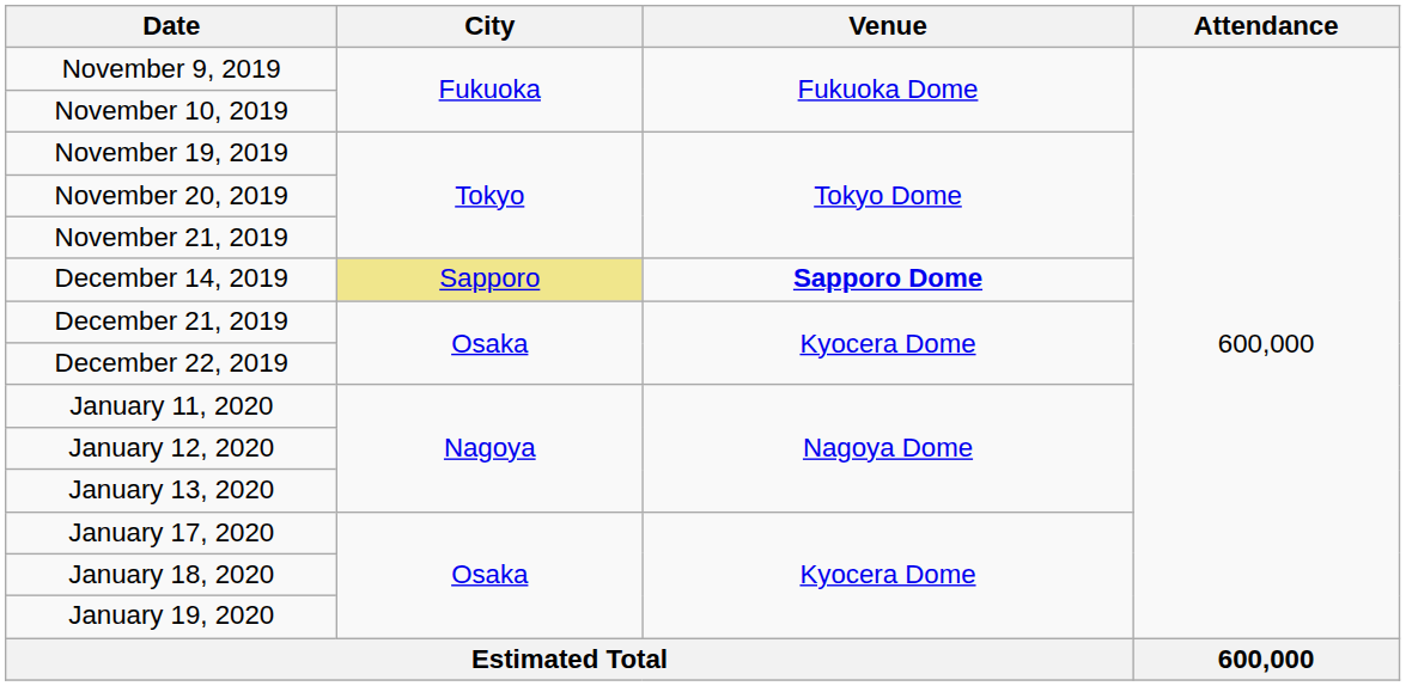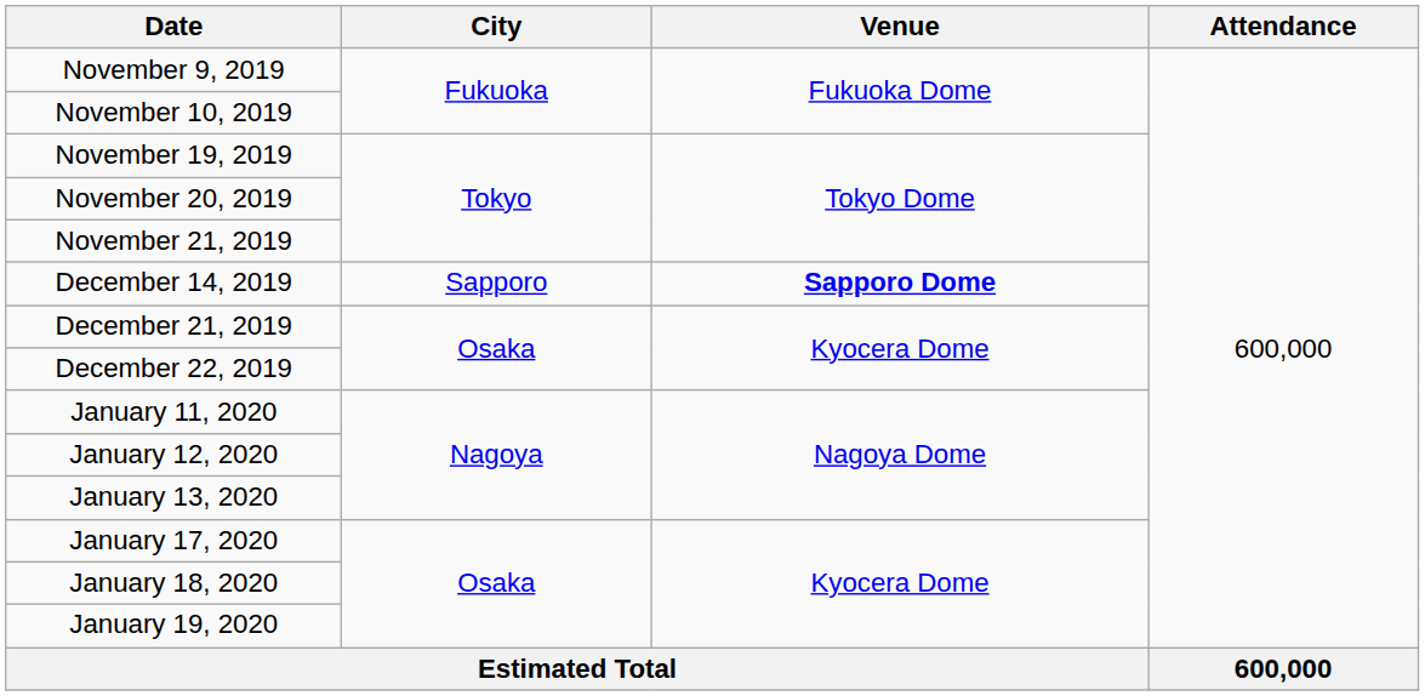 <table class="wikitable" style="text-align:center;">
 <tr>
 <th scope="col" style="width:12em;">Date</th>
 <th scope="col" style="width:11em;">City</th>
 <th scope="col" style="width:18em;">Venue</th>
 <th scope="col" style="width:9.5em;">Attendance</th>
 </tr>
 <tr>
 <td>November 9, 2019</td>
 <td rowspan=2><a href='#'>Fukuoka</a></td>
 <td rowspan=2><a href='#'>Fukuoka Dome</a></td>
 <td rowspan=14>600,000</td>
 </tr>
 <tr>
 <td>November 10, 2019</td>
 </tr>
 <tr>
 <td>November 19, 2019</td>
 <td rowspan=3><a href='#'>Tokyo</a></td>
 <td rowspan=3><a href='#'>Tokyo Dome</a></td>
 </tr>
 <tr>
 <td>November 20, 2019</td>
 </tr>
 <tr>
 <td>November 21, 2019</td>
 </tr>
 <tr>
 <td>December 14, 2019</td>
-<td style="background: khaki;"><a href='#'>Sapporo</a></td>
+<td><a href='#'>Sapporo</a></td>
 <td><strong><a href='#'>Sapporo Dome</a></strong></td>
 </tr>
 <tr>
 <td>December 21, 2019</td>
 <td rowspan=2><a href='#'>Osaka</a></td>
 <td rowspan=2><a href='#'>Kyocera Dome</a></td>
 </tr>
 <tr>
 <td>December 22, 2019</td>
 </tr>
 <tr>
 <td>January 11, 2020</td>
 <td rowspan=3><a href='#'>Nagoya</a></td>
 <td rowspan=3><a href='#'>Nagoya Dome</a></td>
 </tr>
 <tr>
 <td>January 12, 2020</td>
 </tr>
 <tr>
 <td>January 13, 2020</td>
 </tr>
 <tr>
 <td>January 17, 2020</td>
 <td rowspan=3><a href='#'>Osaka</a></td>
 <td rowspan=3><a href='#'>Kyocera Dome</a></td>
 </tr>
 <tr>
 <td>January 18, 2020</td>
 </tr>
 <tr>
 <td>January 19, 2020</td>
 </tr>
 <tr>
 <th colspan="3"><strong>Estimated Total</strong></th>
 <th><strong>600,000</strong></th>
 </tr>
 </table>
